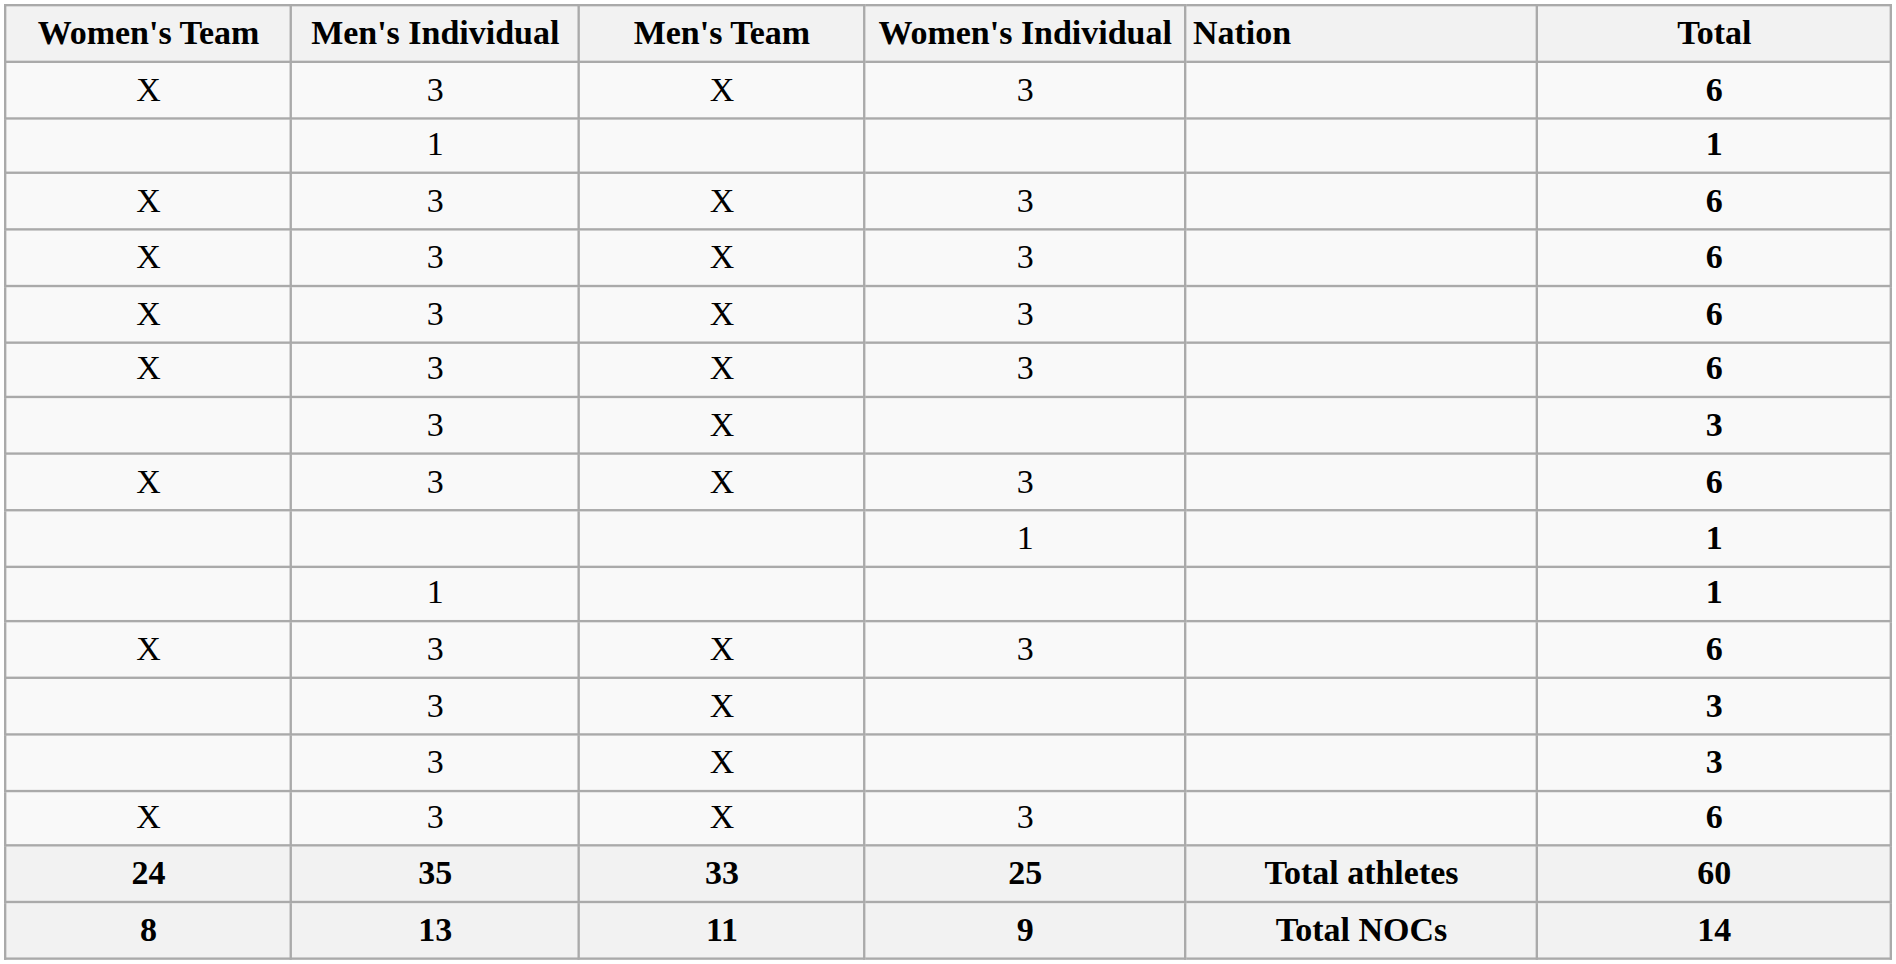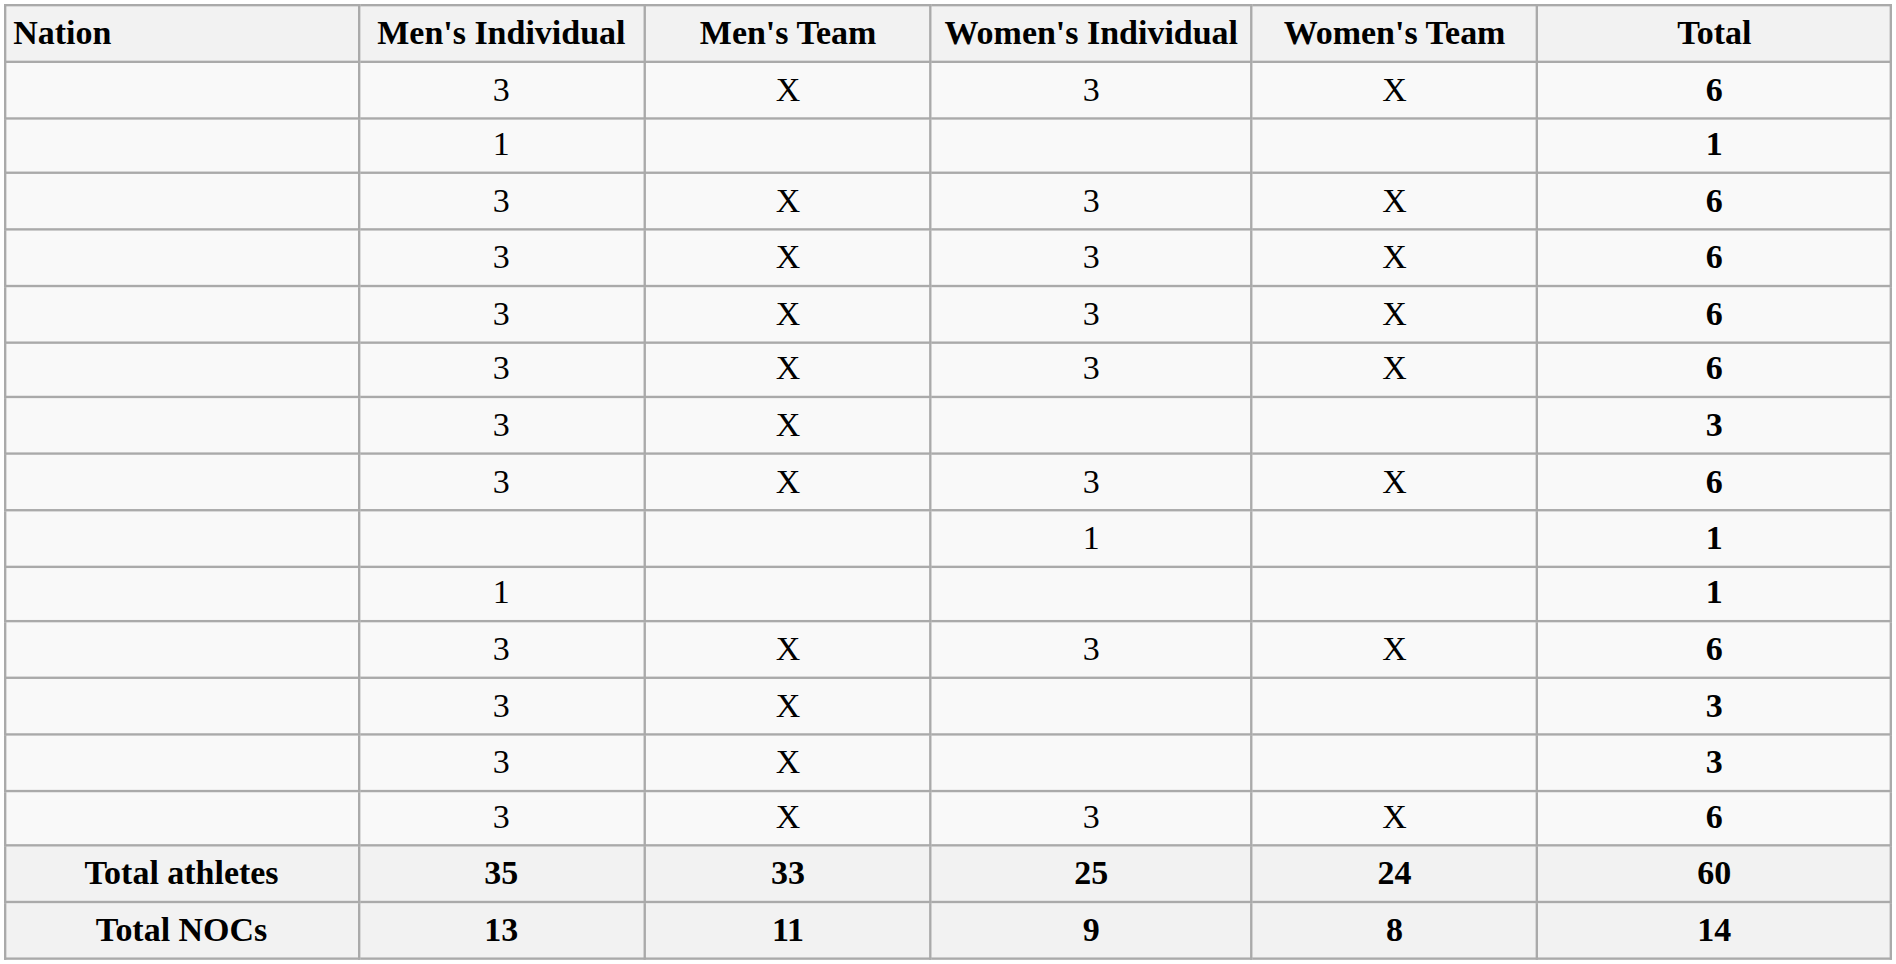 <table class="wikitable mw-collapsible sortable"  style="width:800px; text-align:center; font-size:90%;">
 <tr>
-<th width=80>Women's Team</th>
+<th style="text-align:left; width:100px;">Nation</th>
 <th width=80>Men's Individual</th>
 <th width=80>Men's Team</th>
 <th width=90>Women's Individual</th>
-<th style="text-align:left; width:100px;">Nation</th>
+<th width=80>Women's Team</th>
 <th width=100>Total</th>
 </tr>
 <tr>
+<td style="text-align:left;"></td>
+<td>3</td>
 <td>X</td>
 <td>3</td>
 <td>X</td>
-<td>3</td>
-<td style="text-align:left;"></td>
 <td><strong>6</strong></td>
 </tr>
 <tr>
+<td style="text-align:left;"></td>
+<td>1</td>
+<td></td>
+<td></td>
+<td></td>
+<td><strong>1</strong></td>
+</tr>
+<tr>
+<td style="text-align:left;"></td>
+<td>3</td>
+<td>X</td>
+<td>3</td>
+<td>X</td>
+<td><strong>6</strong></td>
+</tr>
+<tr>
+<td style="text-align:left;"></td>
+<td>3</td>
+<td>X</td>
+<td>3</td>
+<td>X</td>
+<td><strong>6</strong></td>
+</tr>
+<tr>
+<td style="text-align:left;"></td>
+<td>3</td>
+<td>X</td>
+<td>3</td>
+<td>X</td>
+<td><strong>6</strong></td>
+</tr>
+<tr>
+<td style="text-align:left;"></td>
+<td>3</td>
+<td>X</td>
+<td>3</td>
+<td>X</td>
+<td><strong>6</strong></td>
+</tr>
+<tr>
+<td style="text-align:left;"></td>
+<td>3</td>
+<td>X</td>
+<td></td>
+<td></td>
+<td><strong>3</strong></td>
+</tr>
+<tr>
+<td style="text-align:left;"></td>
+<td>3</td>
+<td>X</td>
+<td>3</td>
+<td>X</td>
+<td><strong>6</strong></td>
+</tr>
+<tr>
+<td style="text-align:left;"></td>
+<td></td>
 <td></td>
 <td>1</td>
 <td></td>
-<td></td>
-<td style="text-align:left;"></td>
 <td><strong>1</strong></td>
 </tr>
 <tr>
+<td style="text-align:left;"></td>
+<td>1</td>
+<td></td>
+<td></td>
+<td></td>
+<td><strong>1</strong></td>
+</tr>
+<tr>
+<td style="text-align:left;"></td>
+<td>3</td>
 <td>X</td>
 <td>3</td>
 <td>X</td>
-<td>3</td>
-<td style="text-align:left;"></td>
 <td><strong>6</strong></td>
 </tr>
 <tr>
+<td style="text-align:left;"></td>
+<td>3</td>
+<td>X</td>
+<td></td>
+<td></td>
+<td><strong>3</strong></td>
+</tr>
+<tr>
+<td style="text-align:left;"></td>
+<td>3</td>
+<td>X</td>
+<td></td>
+<td></td>
+<td><strong>3</strong></td>
+</tr>
+<tr>
+<td style="text-align:left;"></td>
+<td>3</td>
 <td>X</td>
 <td>3</td>
 <td>X</td>
-<td>3</td>
-<td style="text-align:left;"></td>
-<td><strong>6</strong></td>
-</tr>
-<tr>
-<td>X</td>
-<td>3</td>
-<td>X</td>
-<td>3</td>
-<td style="text-align:left;"></td>
-<td><strong>6</strong></td>
-</tr>
-<tr>
-<td>X</td>
-<td>3</td>
-<td>X</td>
-<td>3</td>
-<td style="text-align:left;"></td>
-<td><strong>6</strong></td>
-</tr>
-<tr>
-<td></td>
-<td>3</td>
-<td>X</td>
-<td></td>
-<td style="text-align:left;"></td>
-<td><strong>3</strong></td>
-</tr>
-<tr>
-<td>X</td>
-<td>3</td>
-<td>X</td>
-<td>3</td>
-<td style="text-align:left;"></td>
-<td><strong>6</strong></td>
-</tr>
-<tr>
-<td></td>
-<td></td>
-<td></td>
-<td>1</td>
-<td style="text-align:left;"></td>
-<td><strong>1</strong></td>
-</tr>
-<tr>
-<td></td>
-<td>1</td>
-<td></td>
-<td></td>
-<td style="text-align:left;"></td>
-<td><strong>1</strong></td>
-</tr>
-<tr>
-<td>X</td>
-<td>3</td>
-<td>X</td>
-<td>3</td>
-<td style="text-align:left;"></td>
-<td><strong>6</strong></td>
-</tr>
-<tr>
-<td></td>
-<td>3</td>
-<td>X</td>
-<td></td>
-<td style="text-align:left;"></td>
-<td><strong>3</strong></td>
-</tr>
-<tr>
-<td></td>
-<td>3</td>
-<td>X</td>
-<td></td>
-<td style="text-align:left;"></td>
-<td><strong>3</strong></td>
-</tr>
-<tr>
-<td>X</td>
-<td>3</td>
-<td>X</td>
-<td>3</td>
-<td style="text-align:left;"></td>
 <td><strong>6</strong></td>
 </tr>
 <tr class="sortbottom">
-<th>24</th>
+<th>Total athletes</th>
 <th>35</th>
 <th>33</th>
 <th>25</th>
-<th>Total athletes</th>
+<th>24</th>
 <th><strong>60</strong></th>
 </tr>
 <tr class="sortbottom">
-<th>8</th>
+<th>Total NOCs</th>
 <th>13</th>
 <th>11</th>
 <th>9</th>
-<th>Total NOCs</th>
+<th>8</th>
 <th><strong>14</strong></th>
 </tr>
 </table>
